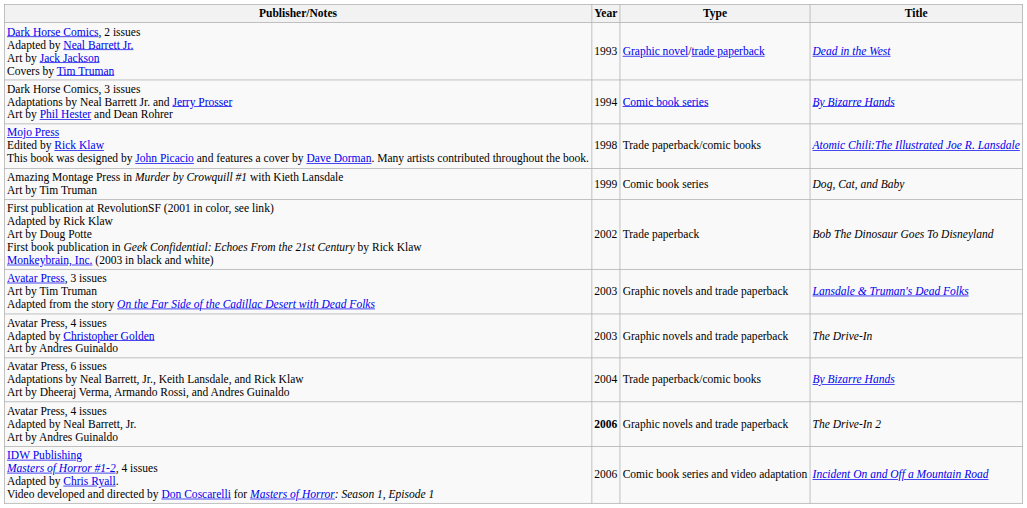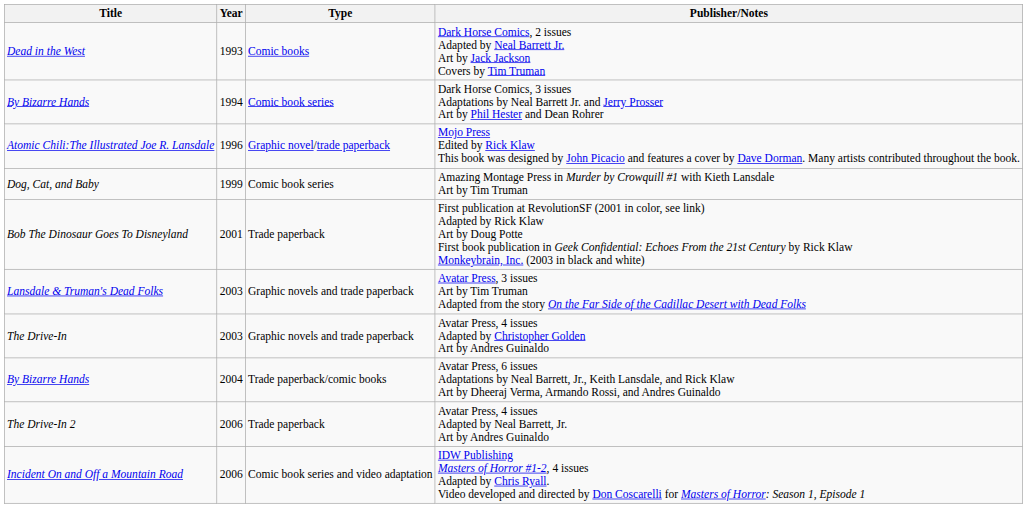 <table class="wikitable sortable">
 <tr>
-<th>Publisher/Notes</th>
+<th>Title</th>
 <th>Year</th>
 <th>Type</th>
-<th>Title</th>
+<th>Publisher/Notes</th>
 </tr>
 <tr>
+<td><em><a href='#'>Dead in the West</a></em></td>
+<td>1993</td>
+<td><a href='#'>Comic books</a></td>
 <td><a href='#'>Dark Horse Comics</a>, 2 issues<br>Adapted by <a href='#'>Neal Barrett Jr.</a><br>Art by <a href='#'>Jack Jackson</a><br>Covers by <a href='#'>Tim Truman</a></td>
-<td>1993</td>
-<td><a href='#'>Graphic novel</a>/<a href='#'>trade paperback</a></td>
-<td><em><a href='#'>Dead in the West</a></em></td>
 </tr>
 <tr>
-<td>Dark Horse Comics, 3 issues<br>Adaptations by Neal Barrett Jr. and <a href='#'>Jerry Prosser</a><br>Art by <a href='#'>Phil Hester</a> and Dean Rohrer</td>
+<td><em><a href='#'>By Bizarre Hands</a></em></td>
 <td>1994</td>
 <td><a href='#'>Comic book series</a></td>
-<td><em><a href='#'>By Bizarre Hands</a></em></td>
+<td>Dark Horse Comics, 3 issues<br>Adaptations by Neal Barrett Jr. and <a href='#'>Jerry Prosser</a><br>Art by <a href='#'>Phil Hester</a> and Dean Rohrer</td>
 </tr>
 <tr>
+<td><em><a href='#'>Atomic Chili:The Illustrated Joe R. Lansdale</a></em></td>
+<td>1996</td>
+<td><a href='#'>Graphic novel</a>/<a href='#'>trade paperback</a></td>
 <td><a href='#'>Mojo Press</a><br>Edited by <a href='#'>Rick Klaw</a><br>This book was designed by <a href='#'>John Picacio</a> and features a cover by <a href='#'>Dave Dorman</a>. Many artists contributed throughout the book.</td>
-<td>1998</td>
-<td>Trade paperback/comic books</td>
-<td><em><a href='#'>Atomic Chili:The Illustrated Joe R. Lansdale</a></em></td>
 </tr>
 <tr>
-<td>Amazing Montage Press in <em>Murder by Crowquill #1</em> with Kieth Lansdale<br>Art by Tim Truman</td>
+<td><em>Dog, Cat, and Baby</em></td>
 <td>1999</td>
 <td>Comic book series</td>
-<td><em>Dog, Cat, and Baby</em></td>
+<td>Amazing Montage Press in <em>Murder by Crowquill #1</em> with Kieth Lansdale<br>Art by Tim Truman</td>
 </tr>
 <tr>
+<td><em>Bob The Dinosaur Goes To Disneyland</em></td>
+<td>2001</td>
+<td>Trade paperback</td>
 <td>First publication at RevolutionSF (2001 in color, see link)<br>Adapted by Rick Klaw<br>Art by Doug Potte<br>First book publication in <em>Geek Confidential: Echoes From the 21st Century</em> by Rick Klaw<br><a href='#'>Monkeybrain, Inc.</a> (2003 in black and white)</td>
-<td>2002</td>
-<td>Trade paperback</td>
-<td><em>Bob The Dinosaur Goes To Disneyland</em></td>
 </tr>
 <tr>
-<td><a href='#'>Avatar Press</a>, 3 issues<br>Art by Tim Truman<br>Adapted from the story <em><a href='#'>On the Far Side of the Cadillac Desert with Dead Folks</a></em></td>
+<td><em><a href='#'>Lansdale & Truman's Dead Folks</a></em></td>
 <td>2003</td>
 <td>Graphic novels and trade paperback</td>
-<td><em><a href='#'>Lansdale & Truman's Dead Folks</a></em></td>
+<td><a href='#'>Avatar Press</a>, 3 issues<br>Art by Tim Truman<br>Adapted from the story <em><a href='#'>On the Far Side of the Cadillac Desert with Dead Folks</a></em></td>
 </tr>
 <tr>
-<td>Avatar Press, 4 issues<br>Adapted by <a href='#'>Christopher Golden</a><br>Art by Andres Guinaldo</td>
+<td><em>The Drive-In</em></td>
 <td>2003</td>
 <td>Graphic novels and trade paperback</td>
-<td><em>The Drive-In</em></td>
+<td>Avatar Press, 4 issues<br>Adapted by <a href='#'>Christopher Golden</a><br>Art by Andres Guinaldo</td>
 </tr>
 <tr>
-<td>Avatar Press, 6 issues<br>Adaptations by Neal Barrett, Jr., Keith Lansdale, and Rick Klaw<br>Art by Dheeraj Verma, Armando Rossi, and Andres Guinaldo</td>
+<td><em><a href='#'>By Bizarre Hands</a></em></td>
 <td>2004</td>
 <td>Trade paperback/comic books</td>
-<td><em><a href='#'>By Bizarre Hands</a></em></td>
+<td>Avatar Press, 6 issues<br>Adaptations by Neal Barrett, Jr., Keith Lansdale, and Rick Klaw<br>Art by Dheeraj Verma, Armando Rossi, and Andres Guinaldo</td>
 </tr>
 <tr>
+<td><em>The Drive-In 2</em></td>
+<td>2006</td>
+<td>Trade paperback</td>
 <td>Avatar Press, 4 issues<br>Adapted by Neal Barrett, Jr.<br>Art by Andres Guinaldo</td>
-<td><strong>2006</strong></td>
-<td>Graphic novels and trade paperback</td>
-<td><em>The Drive-In 2</em></td>
 </tr>
 <tr>
-<td><a href='#'>IDW Publishing</a><br><em><a href='#'>Masters of Horror #1-2</a></em>, 4 issues<br>Adapted by <a href='#'>Chris Ryall</a>.<br>Video developed and directed by <a href='#'>Don Coscarelli</a> for <em><a href='#'>Masters of Horror</a>: Season 1, Episode 1</em></td>
+<td><em><a href='#'>Incident On and Off a Mountain Road</a></em></td>
 <td>2006</td>
 <td>Comic book series and video adaptation</td>
-<td><em><a href='#'>Incident On and Off a Mountain Road</a></em></td>
+<td><a href='#'>IDW Publishing</a><br><em><a href='#'>Masters of Horror #1-2</a></em>, 4 issues<br>Adapted by <a href='#'>Chris Ryall</a>.<br>Video developed and directed by <a href='#'>Don Coscarelli</a> for <em><a href='#'>Masters of Horror</a>: Season 1, Episode 1</em></td>
 </tr>
 </table>
